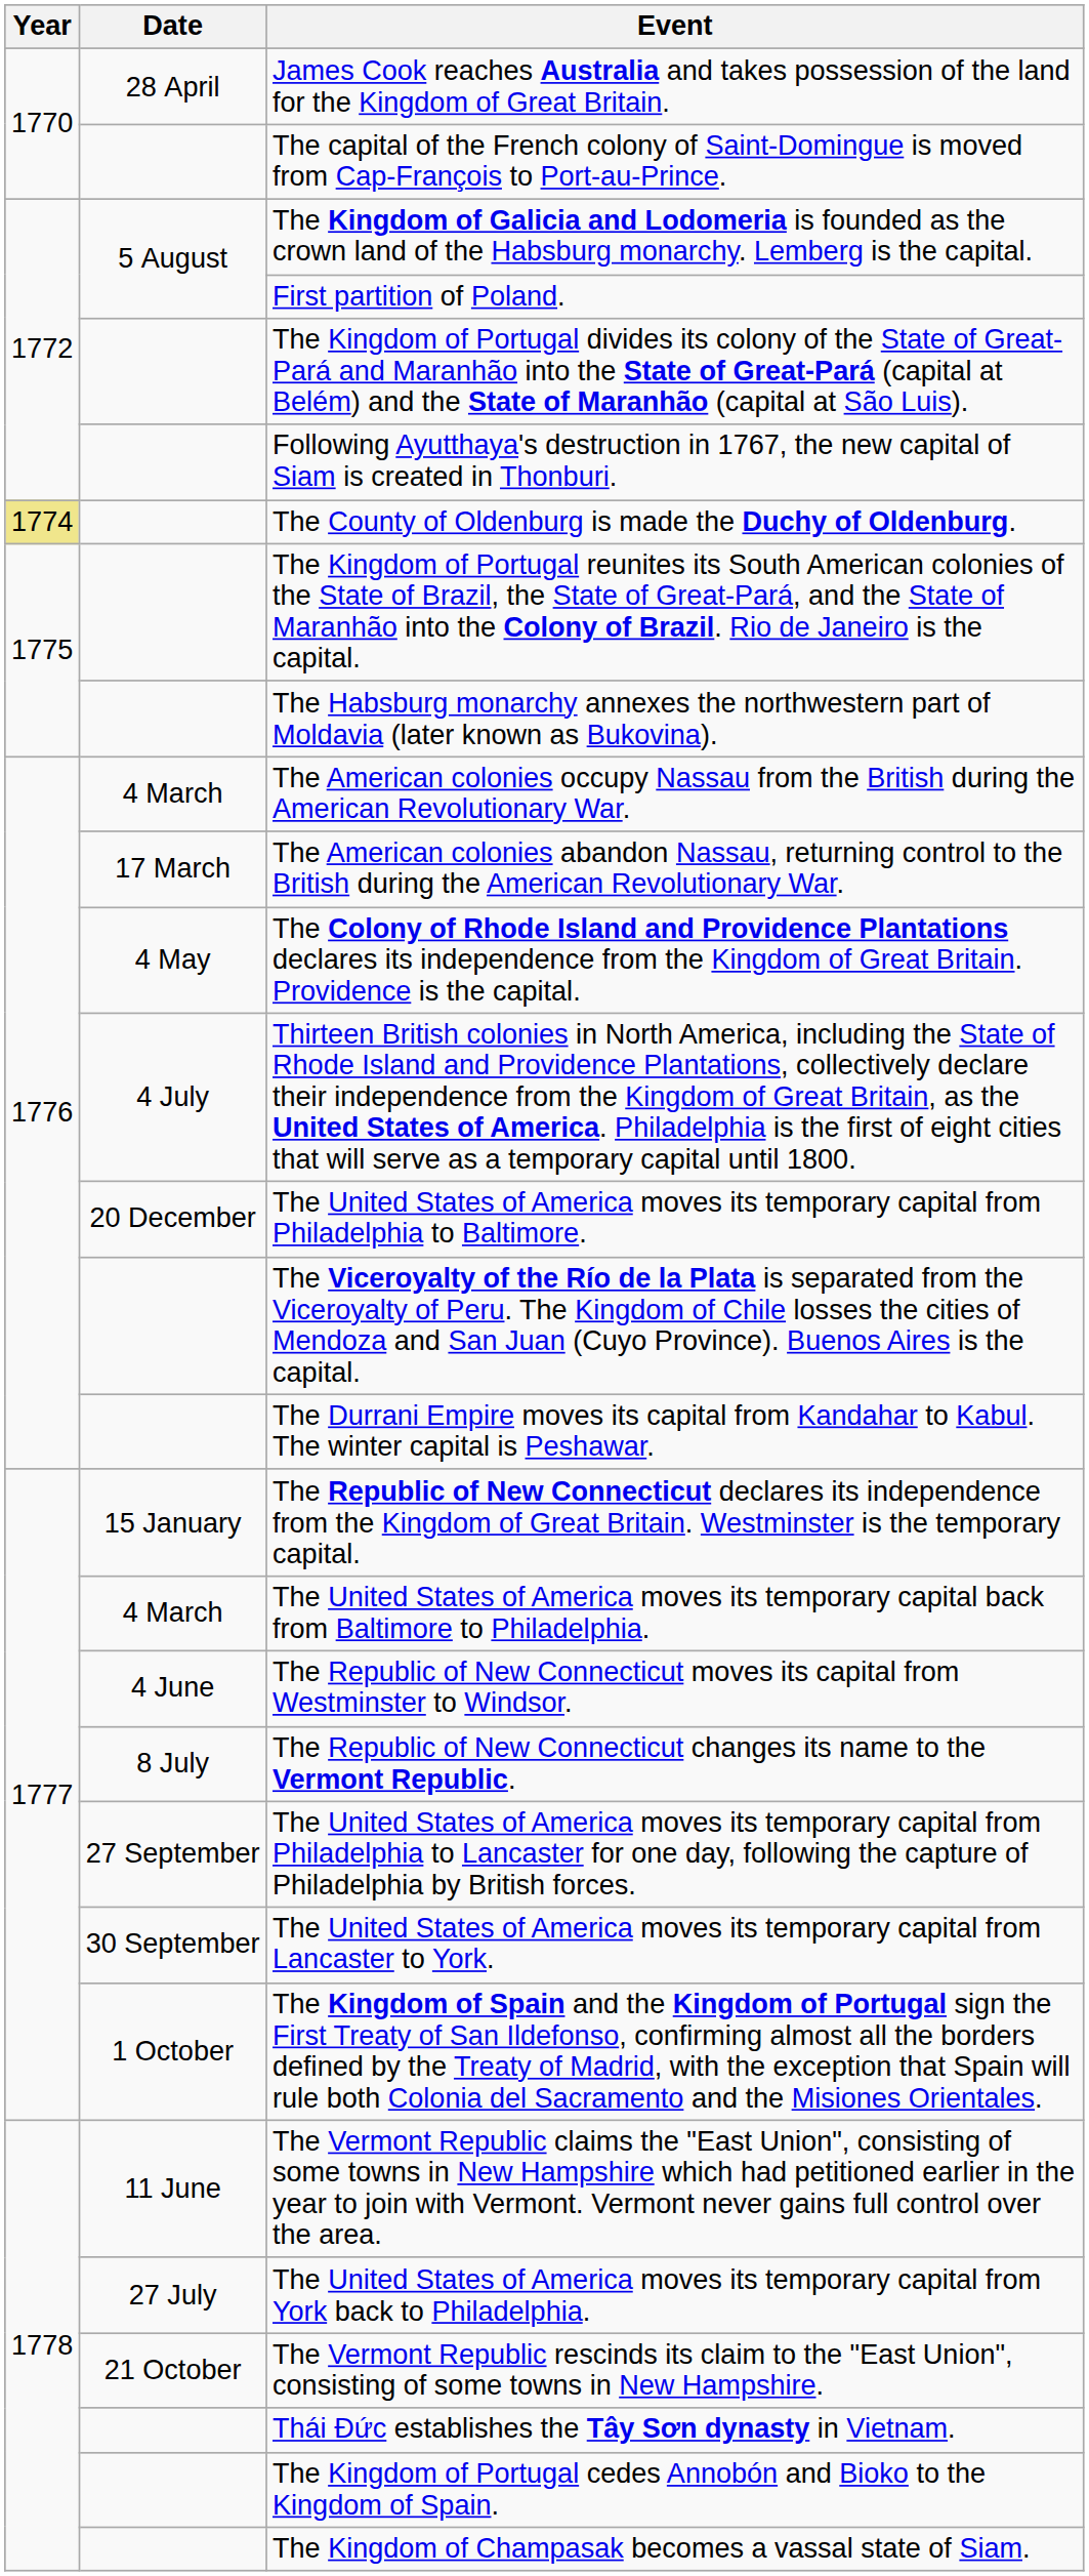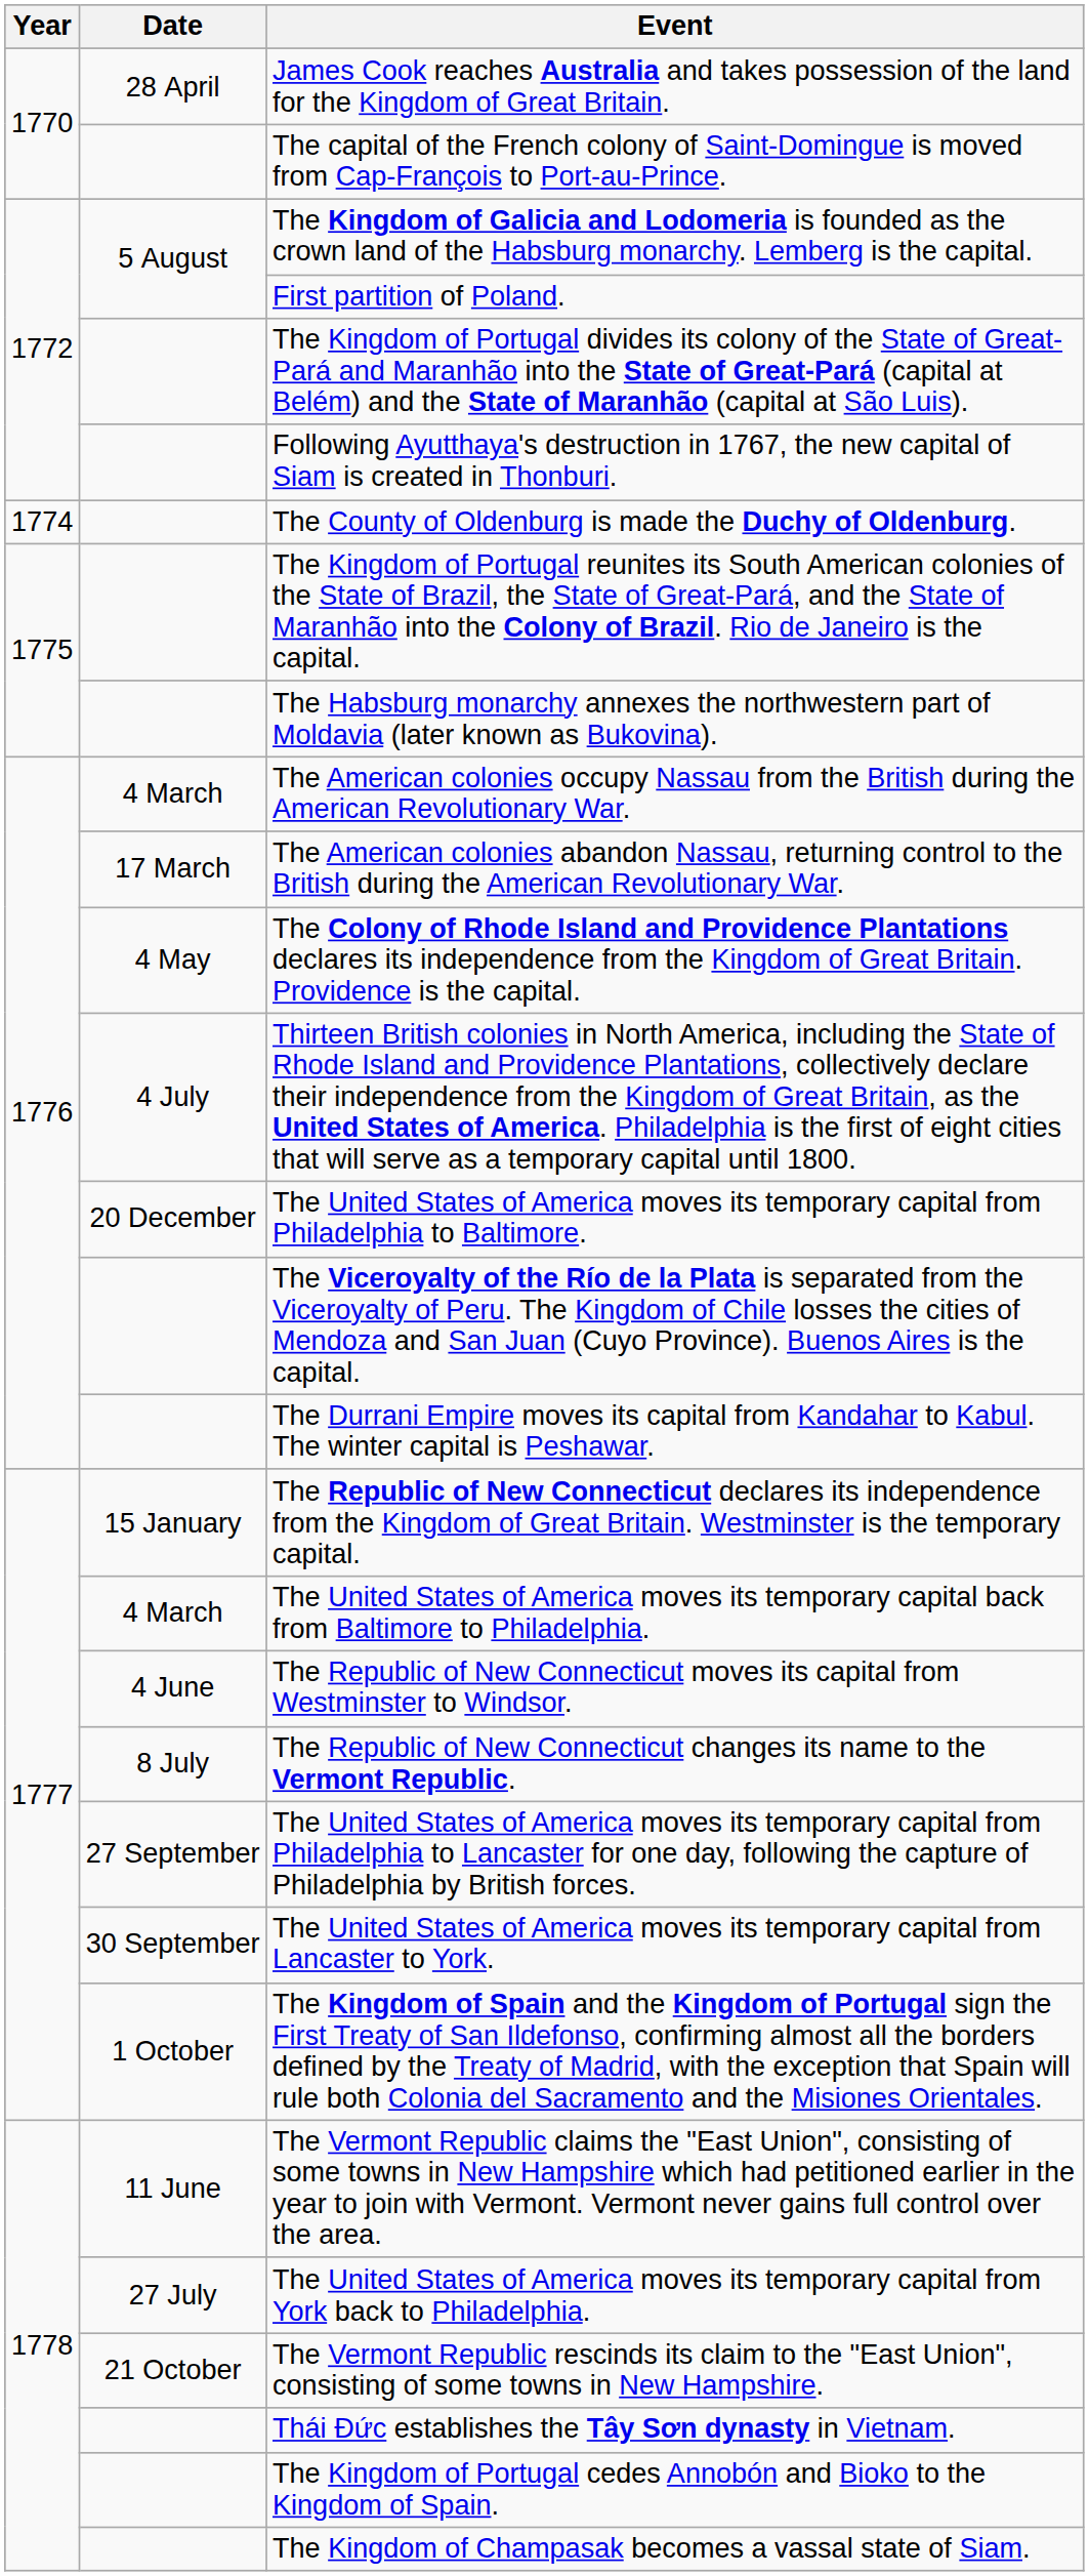 <table class=wikitable style="width:100%;">
 <tr>
 <th style="width:6%">Year</th>
 <th style="width:8%">Date</th>
 <th style="width:86%">Event</th>
 </tr>
 <tr>
 <td rowspan=2 align=center>1770</td>
 <td align=center>28 April</td>
 <td><a href='#'>James Cook</a> reaches <strong><a href='#'>Australia</a></strong> and takes possession of the land for the <a href='#'>Kingdom of Great Britain</a>.</td>
 </tr>
 <tr>
 <td></td>
 <td>The capital of the French colony of <a href='#'>Saint-Domingue</a> is moved from <a href='#'>Cap-François</a> to <a href='#'>Port-au-Prince</a>.</td>
 </tr>
 <tr>
 <td rowspan=4 align=center>1772</td>
 <td rowspan=2 align=center>5 August</td>
 <td>The <strong><a href='#'>Kingdom of Galicia and Lodomeria</a></strong> is founded as the crown land of the <a href='#'>Habsburg monarchy</a>. <a href='#'>Lemberg</a> is the capital.</td>
 </tr>
 <tr>
 <td><a href='#'>First partition</a> of <a href='#'>Poland</a>.</td>
 </tr>
 <tr>
 <td></td>
 <td>The <a href='#'>Kingdom of Portugal</a> divides its colony of the <a href='#'>State of Great-Pará and Maranhão</a> into the <strong><a href='#'>State of Great-Pará</a></strong> (capital at <a href='#'>Belém</a>) and the <strong><a href='#'>State of Maranhão</a></strong> (capital at <a href='#'>São Luis</a>).</td>
 </tr>
 <tr>
 <td></td>
 <td>Following <a href='#'>Ayutthaya</a>'s destruction in 1767, the new capital of <a href='#'>Siam</a> is created in <a href='#'>Thonburi</a>.</td>
 </tr>
 <tr>
-<td align=center style="background: khaki;">1774</td>
+<td align=center>1774</td>
 <td></td>
 <td>The <a href='#'>County of Oldenburg</a> is made the <strong><a href='#'>Duchy of Oldenburg</a></strong>.</td>
 </tr>
 <tr>
 <td align=center rowspan=2>1775</td>
 <td></td>
 <td>The <a href='#'>Kingdom of Portugal</a> reunites its South American colonies of the <a href='#'>State of Brazil</a>, the <a href='#'>State of Great-Pará</a>, and the <a href='#'>State of Maranhão</a> into the <strong><a href='#'>Colony of Brazil</a></strong>. <a href='#'>Rio de Janeiro</a> is the capital.</td>
 </tr>
 <tr>
 <td></td>
 <td>The <a href='#'>Habsburg monarchy</a> annexes the northwestern part of <a href='#'>Moldavia</a> (later known as <a href='#'>Bukovina</a>).</td>
 </tr>
 <tr>
 <td rowspan=7 align=center>1776</td>
 <td align=center>4 March</td>
 <td>The <a href='#'>American colonies</a> occupy <a href='#'>Nassau</a> from the <a href='#'>British</a> during the <a href='#'>American Revolutionary War</a>.</td>
 </tr>
 <tr>
 <td align=center>17 March</td>
 <td>The <a href='#'>American colonies</a> abandon <a href='#'>Nassau</a>, returning control to the <a href='#'>British</a> during the <a href='#'>American Revolutionary War</a>.</td>
 </tr>
 <tr>
 <td align=center>4 May</td>
 <td>The <strong><a href='#'>Colony of Rhode Island and Providence Plantations</a></strong> declares its independence from the <a href='#'>Kingdom of Great Britain</a>. <a href='#'>Providence</a> is the capital.</td>
 </tr>
 <tr>
 <td align=center>4 July</td>
 <td><a href='#'>Thirteen British colonies</a> in North America, including the <a href='#'>State of Rhode Island and Providence Plantations</a>, collectively declare their independence from the <a href='#'>Kingdom of Great Britain</a>, as the <strong><a href='#'>United States of America</a></strong>. <a href='#'>Philadelphia</a> is the first of eight cities that will serve as a temporary capital until 1800.</td>
 </tr>
 <tr>
 <td align=center>20 December</td>
 <td>The <a href='#'>United States of America</a> moves its temporary capital from <a href='#'>Philadelphia</a> to <a href='#'>Baltimore</a>.</td>
 </tr>
 <tr>
 <td></td>
 <td>The <strong><a href='#'>Viceroyalty of the Río de la Plata</a></strong> is separated from the <a href='#'>Viceroyalty of Peru</a>. The <a href='#'>Kingdom of Chile</a> losses the cities of <a href='#'>Mendoza</a> and <a href='#'>San Juan</a> (Cuyo Province). <a href='#'>Buenos Aires</a> is the capital.</td>
 </tr>
 <tr>
 <td></td>
 <td>The <a href='#'>Durrani Empire</a> moves its capital from <a href='#'>Kandahar</a> to <a href='#'>Kabul</a>. The winter capital is <a href='#'>Peshawar</a>.</td>
 </tr>
 <tr>
 <td rowspan=7 align=center>1777</td>
 <td align=center>15 January</td>
 <td>The <strong><a href='#'>Republic of New Connecticut</a></strong> declares its independence from the <a href='#'>Kingdom of Great Britain</a>. <a href='#'>Westminster</a> is the temporary capital.</td>
 </tr>
 <tr>
 <td align=center>4 March</td>
 <td>The <a href='#'>United States of America</a> moves its temporary capital back from <a href='#'>Baltimore</a> to <a href='#'>Philadelphia</a>.</td>
 </tr>
 <tr>
 <td align=center>4 June</td>
 <td>The <a href='#'>Republic of New Connecticut</a> moves its capital from <a href='#'>Westminster</a> to <a href='#'>Windsor</a>.</td>
 </tr>
 <tr>
 <td align=center>8 July</td>
 <td>The <a href='#'>Republic of New Connecticut</a> changes its name to the <strong><a href='#'>Vermont Republic</a></strong>.</td>
 </tr>
 <tr>
 <td align=center>27 September</td>
 <td>The <a href='#'>United States of America</a> moves its temporary capital from <a href='#'>Philadelphia</a> to <a href='#'>Lancaster</a> for one day, following the capture of Philadelphia by British forces.</td>
 </tr>
 <tr>
 <td align=center>30 September</td>
 <td>The <a href='#'>United States of America</a> moves its temporary capital from <a href='#'>Lancaster</a> to <a href='#'>York</a>.</td>
 </tr>
 <tr>
 <td align=center>1 October</td>
 <td>The <strong><a href='#'>Kingdom of Spain</a></strong> and the <strong><a href='#'>Kingdom of Portugal</a></strong> sign the <a href='#'>First Treaty of San Ildefonso</a>, confirming almost all the borders defined by the <a href='#'>Treaty of Madrid</a>, with the exception that Spain will rule both <a href='#'>Colonia del Sacramento</a> and the <a href='#'>Misiones Orientales</a>.</td>
 </tr>
 <tr>
 <td rowspan=6 align=center>1778</td>
 <td align=center>11 June</td>
 <td>The <a href='#'>Vermont Republic</a> claims the "East Union", consisting of some towns in <a href='#'>New Hampshire</a> which had petitioned earlier in the year to join with Vermont. Vermont never gains full control over the area.</td>
 </tr>
 <tr>
 <td align=center>27 July</td>
 <td>The <a href='#'>United States of America</a> moves its temporary capital from <a href='#'>York</a> back to <a href='#'>Philadelphia</a>.</td>
 </tr>
 <tr>
 <td align=center>21 October</td>
 <td>The <a href='#'>Vermont Republic</a> rescinds its claim to the "East Union", consisting of some towns in <a href='#'>New Hampshire</a>.</td>
 </tr>
 <tr>
 <td></td>
 <td><a href='#'>Thái Đức</a> establishes the <strong><a href='#'>Tây Sơn dynasty</a></strong> in <a href='#'>Vietnam</a>.</td>
 </tr>
 <tr>
 <td></td>
 <td>The <a href='#'>Kingdom of Portugal</a> cedes <a href='#'>Annobón</a> and <a href='#'>Bioko</a> to the <a href='#'>Kingdom of Spain</a>.</td>
 </tr>
 <tr>
 <td></td>
 <td>The <a href='#'>Kingdom of Champasak</a> becomes a vassal state of <a href='#'>Siam</a>.</td>
 </tr>
 </table>
